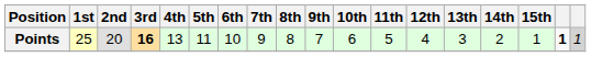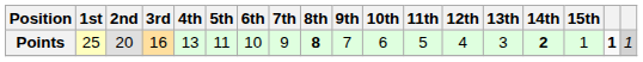 <table class="wikitable" style="font-size: 85%">
 <tr>
 <th>Position</th>
 <th>1st</th>
 <th>2nd</th>
 <th>3rd</th>
 <th>4th</th>
 <th>5th</th>
 <th>6th</th>
 <th>7th</th>
 <th>8th</th>
 <th>9th</th>
 <th>10th</th>
 <th>11th</th>
 <th>12th</th>
 <th>13th</th>
 <th>14th</th>
 <th>15th</th>
 <th></th>
 <th></th>
 </tr>
 <tr align="center">
 <th>Points</th>
 <td style="background:#FFFFBF;">25</td>
 <td style="background:#DFDFDF;">20</td>
-<td style="background:#FFDF9F;"><strong>16</strong></td>
+<td style="background:#FFDF9F;">16</td>
 <td style="background:#DFFFDF;">13</td>
 <td style="background:#DFFFDF;">11</td>
 <td style="background:#DFFFDF;">10</td>
 <td style="background:#DFFFDF;">9</td>
-<td style="background:#DFFFDF;">8</td>
+<td style="background:#DFFFDF;"><strong>8</strong></td>
 <td style="background:#DFFFDF;">7</td>
 <td style="background:#DFFFDF;">6</td>
 <td style="background:#DFFFDF;">5</td>
 <td style="background:#DFFFDF;">4</td>
 <td style="background:#DFFFDF;">3</td>
-<td style="background:#DFFFDF;">2</td>
+<td style="background:#DFFFDF;"><strong>2</strong></td>
 <td style="background:#DFFFDF;">1</td>
 <td><strong>1</strong></td>
 <td style="background: lightgrey;"><em>1</em></td>
 </tr>
 <tr align="center">
 </tr>
 </table>
